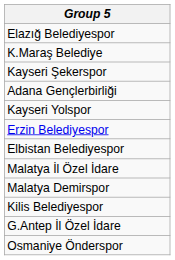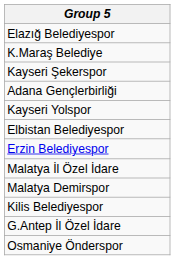 <table class="wikitable collapsible collapsed" style="font-size:95%;">
 <tr>
 <th colspan="1" width="200"><em>Group 5</em></th>
 </tr>
 <tr>
 <td>Elazığ Belediyespor</td>
 </tr>
 <tr>
 <td>K.Maraş Belediye</td>
 </tr>
 <tr>
 <td>Kayseri Şekerspor</td>
 </tr>
 <tr>
 <td>Adana Gençlerbirliği</td>
 </tr>
 <tr>
 <td>Kayseri Yolspor</td>
 </tr>
 <tr>
-<td><a href='#'>Erzin Belediyespor</a></td>
+<td>Elbistan Belediyespor</td>
 </tr>
 <tr>
-<td>Elbistan Belediyespor</td>
+<td><a href='#'>Erzin Belediyespor</a></td>
 </tr>
 <tr>
 <td>Malatya İl Özel İdare</td>
 </tr>
 <tr>
 <td>Malatya Demirspor</td>
 </tr>
 <tr>
 <td>Kilis Belediyespor</td>
 </tr>
 <tr>
 <td>G.Antep İl Özel İdare</td>
 </tr>
 <tr>
 <td>Osmaniye Önderspor</td>
 </tr>
 </table>
